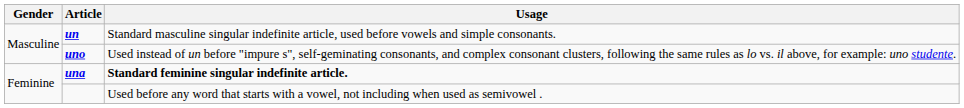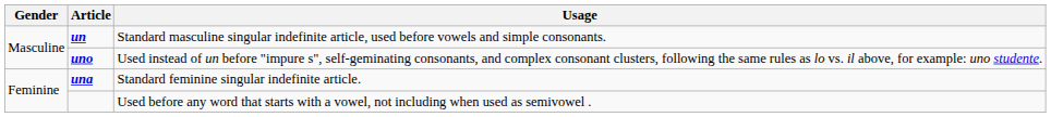 <table class="wikitable" border="1">
 <tr>
 <th>Gender</th>
 <th>Article</th>
 <th>Usage</th>
 </tr>
 <tr>
 <td rowspan=2>Masculine</td>
 <td><em><a href='#'><strong>un</strong></a></em></td>
 <td>Standard masculine singular indefinite article, used before vowels and simple consonants.</td>
 </tr>
 <tr>
 <td><em><a href='#'><strong>uno</strong></a></em></td>
 <td>Used instead of <em>un</em> before "impure s", self-geminating consonants, and complex consonant clusters, following the same rules as <em>lo</em> vs. <em>il</em> above, for example: <em>uno <a href='#'>studente</a></em>.</td>
 </tr>
 <tr>
 <td rowspan=2>Feminine</td>
 <td><em><a href='#'><strong>una</strong></a></em></td>
-<td><strong>Standard feminine singular indefinite article.</strong></td>
+<td>Standard feminine singular indefinite article.</td>
 </tr>
 <tr>
 <td><em><a href='#'><strong></strong></a></em></td>
 <td>Used before any word that starts with a vowel, not including  when used as semivowel .</td>
 </tr>
 </table>
